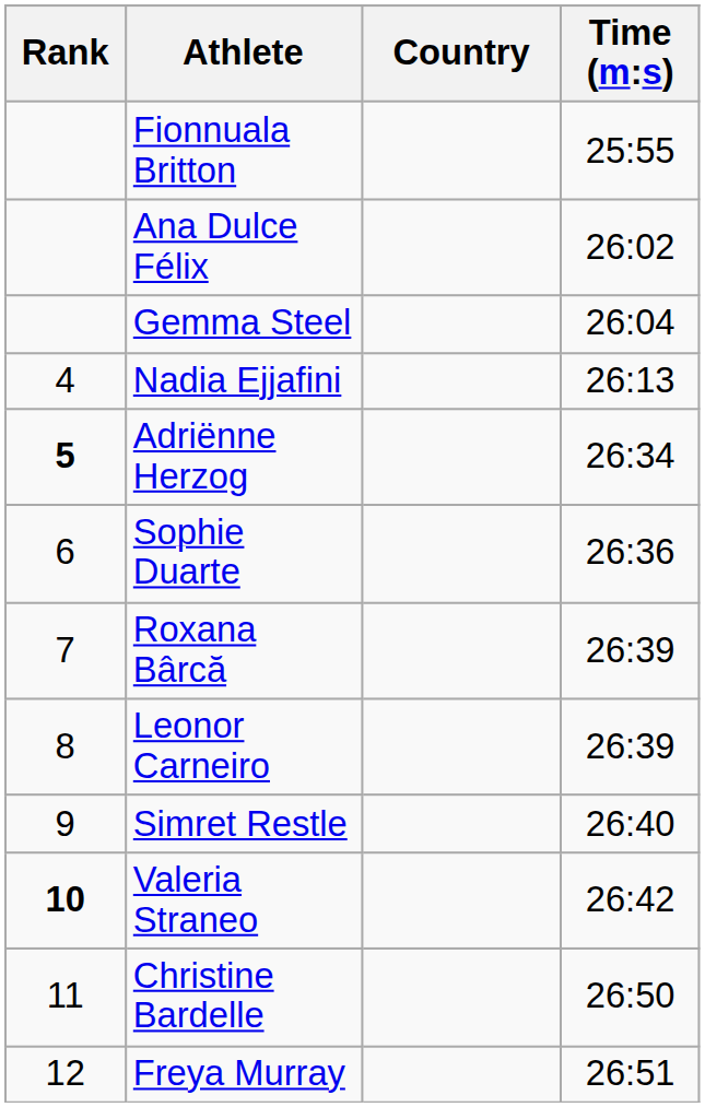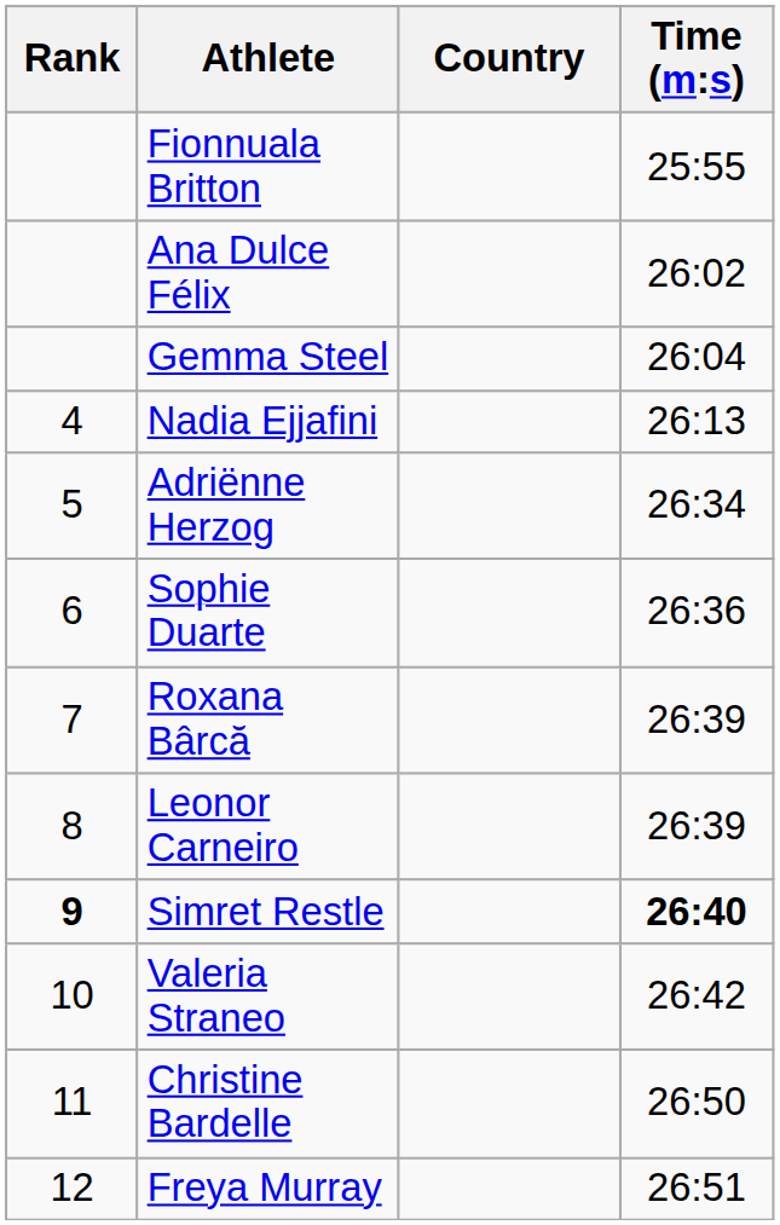 <table class="wikitable" width=50%>
 <tr>
 </tr>
 <tr>
 <th width=5%>Rank</th>
 <th width=20%>Athlete</th>
 <th width=15%>Country</th>
 <th width=10%>Time (<a href='#'>m</a>:<a href='#'>s</a>)</th>
 </tr>
 <tr align="center">
 <td></td>
 <td align="left"><a href='#'>Fionnuala Britton</a></td>
 <td align="left"></td>
 <td>25:55</td>
 </tr>
 <tr align="center">
 <td></td>
 <td align="left"><a href='#'>Ana Dulce Félix</a></td>
 <td align="left"></td>
 <td>26:02</td>
 </tr>
 <tr align="center">
 <td></td>
 <td align="left"><a href='#'>Gemma Steel</a></td>
 <td align="left"></td>
 <td>26:04</td>
 </tr>
 <tr align="center">
 <td>4</td>
 <td align="left"><a href='#'>Nadia Ejjafini</a></td>
 <td align="left"></td>
 <td>26:13</td>
 </tr>
 <tr align="center">
-<td><strong>5</strong></td>
+<td>5</td>
 <td align="left"><a href='#'>Adriënne Herzog</a></td>
 <td align="left"></td>
 <td>26:34</td>
 </tr>
 <tr align="center">
 <td>6</td>
 <td align="left"><a href='#'>Sophie Duarte</a></td>
 <td align="left"></td>
 <td>26:36</td>
 </tr>
 <tr align="center">
 <td>7</td>
 <td align="left"><a href='#'>Roxana Bârcă</a></td>
 <td align="left"></td>
 <td>26:39</td>
 </tr>
 <tr align="center">
 <td>8</td>
 <td align="left"><a href='#'>Leonor Carneiro</a></td>
 <td align="left"></td>
 <td>26:39</td>
 </tr>
 <tr align="center">
-<td>9</td>
+<td><strong>9</strong></td>
 <td align="left"><a href='#'>Simret Restle</a></td>
 <td align="left"></td>
-<td>26:40</td>
+<td><strong>26:40</strong></td>
 </tr>
 <tr align="center">
-<td><strong>10</strong></td>
+<td>10</td>
 <td align="left"><a href='#'>Valeria Straneo</a></td>
 <td align="left"></td>
 <td>26:42</td>
 </tr>
 <tr align="center">
 <td>11</td>
 <td align="left"><a href='#'>Christine Bardelle</a></td>
 <td align="left"></td>
 <td>26:50</td>
 </tr>
 <tr align="center">
 <td>12</td>
 <td align="left"><a href='#'>Freya Murray</a></td>
 <td align="left"></td>
 <td>26:51</td>
 </tr>
 </table>
